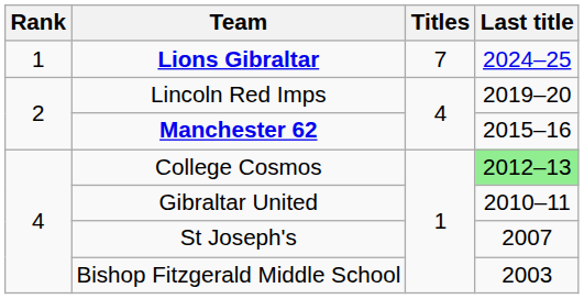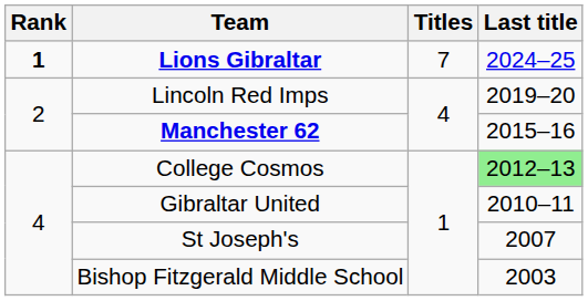 <table class="wikitable" style="text-align:center;">
 <tr>
 <th>Rank</th>
 <th>Team</th>
 <th>Titles</th>
 <th>Last title</th>
 </tr>
 <tr>
-<td rowspan=1>1</td>
+<td rowspan=1><strong>1</strong></td>
 <td><strong><a href='#'>Lions Gibraltar</a></strong></td>
 <td rowspan=1>7</td>
 <td><a href='#'>2024–25</a></td>
 </tr>
 <tr>
 <td rowspan=2>2</td>
 <td>Lincoln Red Imps</td>
 <td rowspan=2>4</td>
 <td>2019–20</td>
 </tr>
 <tr>
 <td><strong><a href='#'>Manchester 62</a></strong></td>
 <td>2015–16</td>
 </tr>
 <tr>
 <td rowspan=4>4</td>
 <td>College Cosmos</td>
 <td rowspan=4>1</td>
 <td style="background: lightgreen;">2012–13</td>
 </tr>
 <tr>
 <td>Gibraltar United</td>
 <td>2010–11</td>
 </tr>
 <tr>
 <td>St Joseph's</td>
 <td>2007</td>
 </tr>
 <tr>
 <td>Bishop Fitzgerald Middle School</td>
 <td>2003</td>
 </tr>
 </table>
